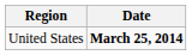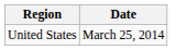 <table class="wikitable">
 <tr>
 <th>Region</th>
 <th>Date</th>
 </tr>
 <tr>
 <td>United States</td>
-<td><strong>March 25, 2014</strong></td>
+<td>March 25, 2014</td>
 </tr>
 </table>
